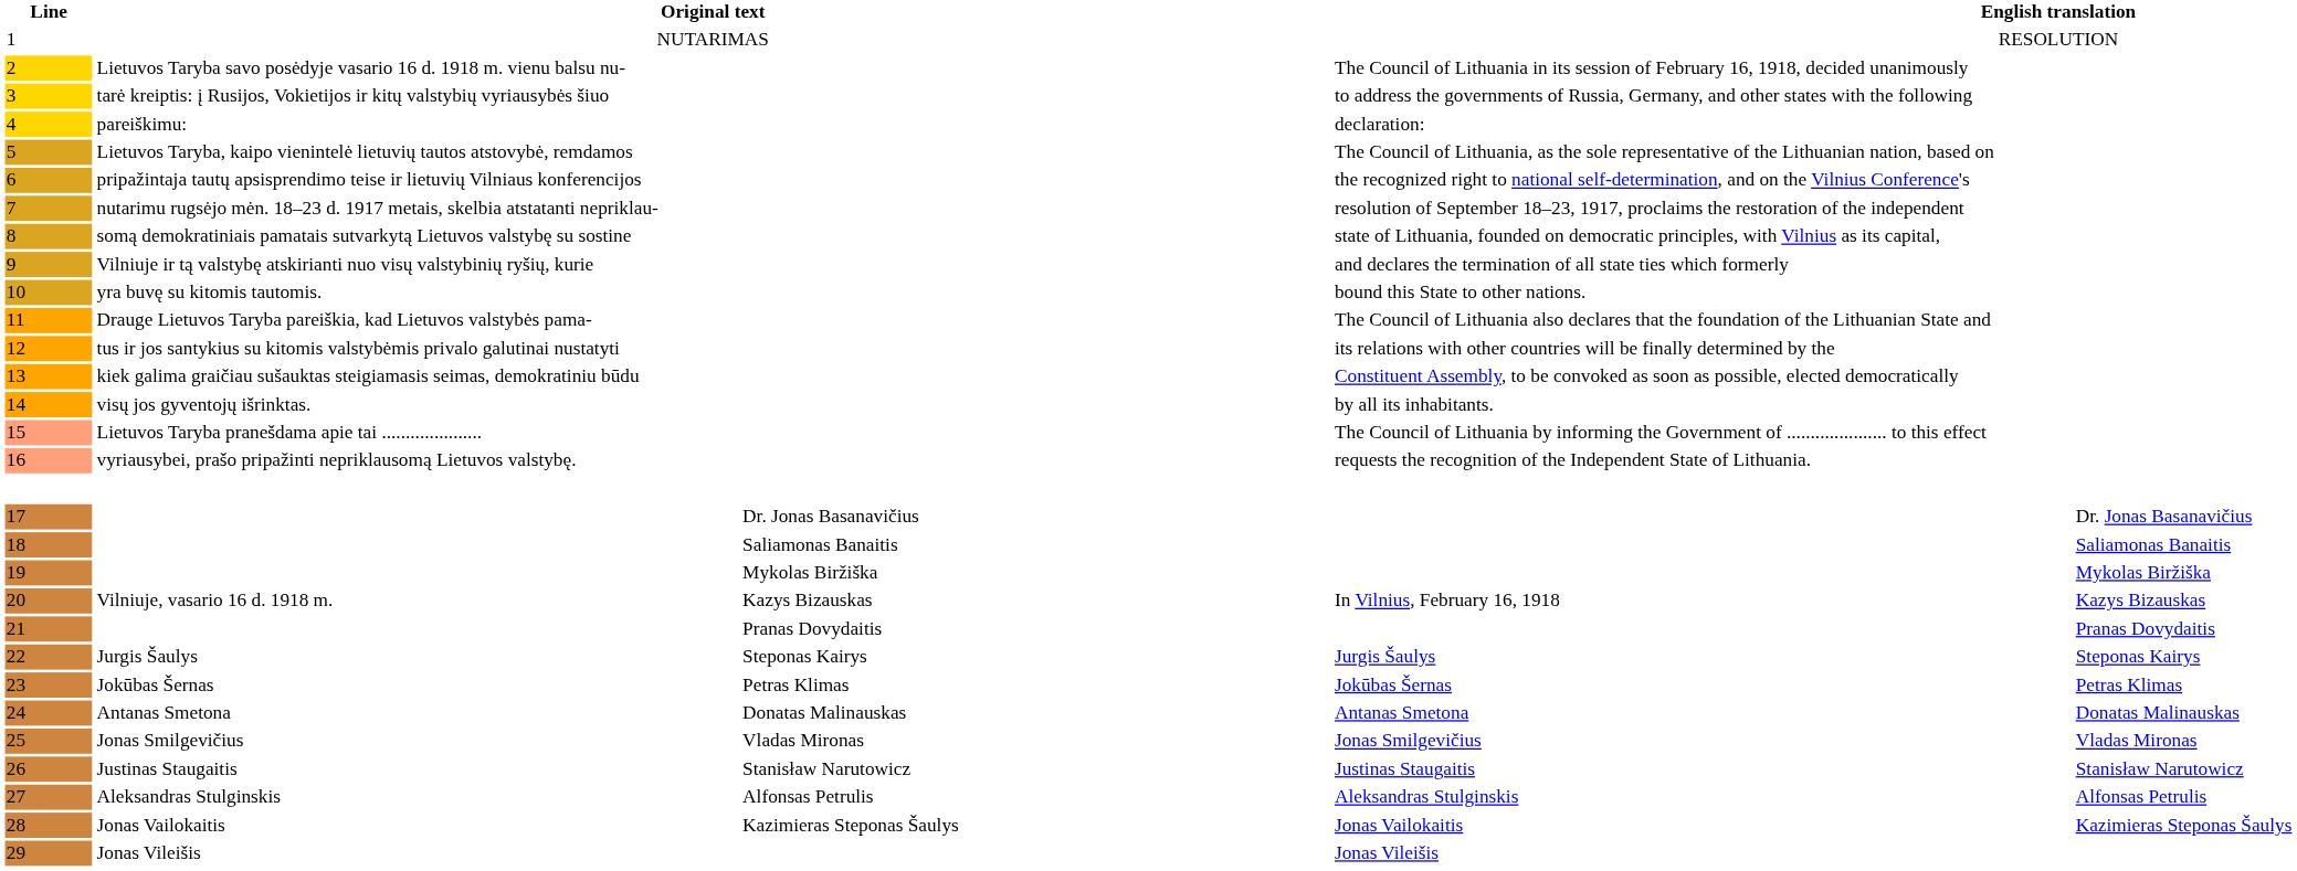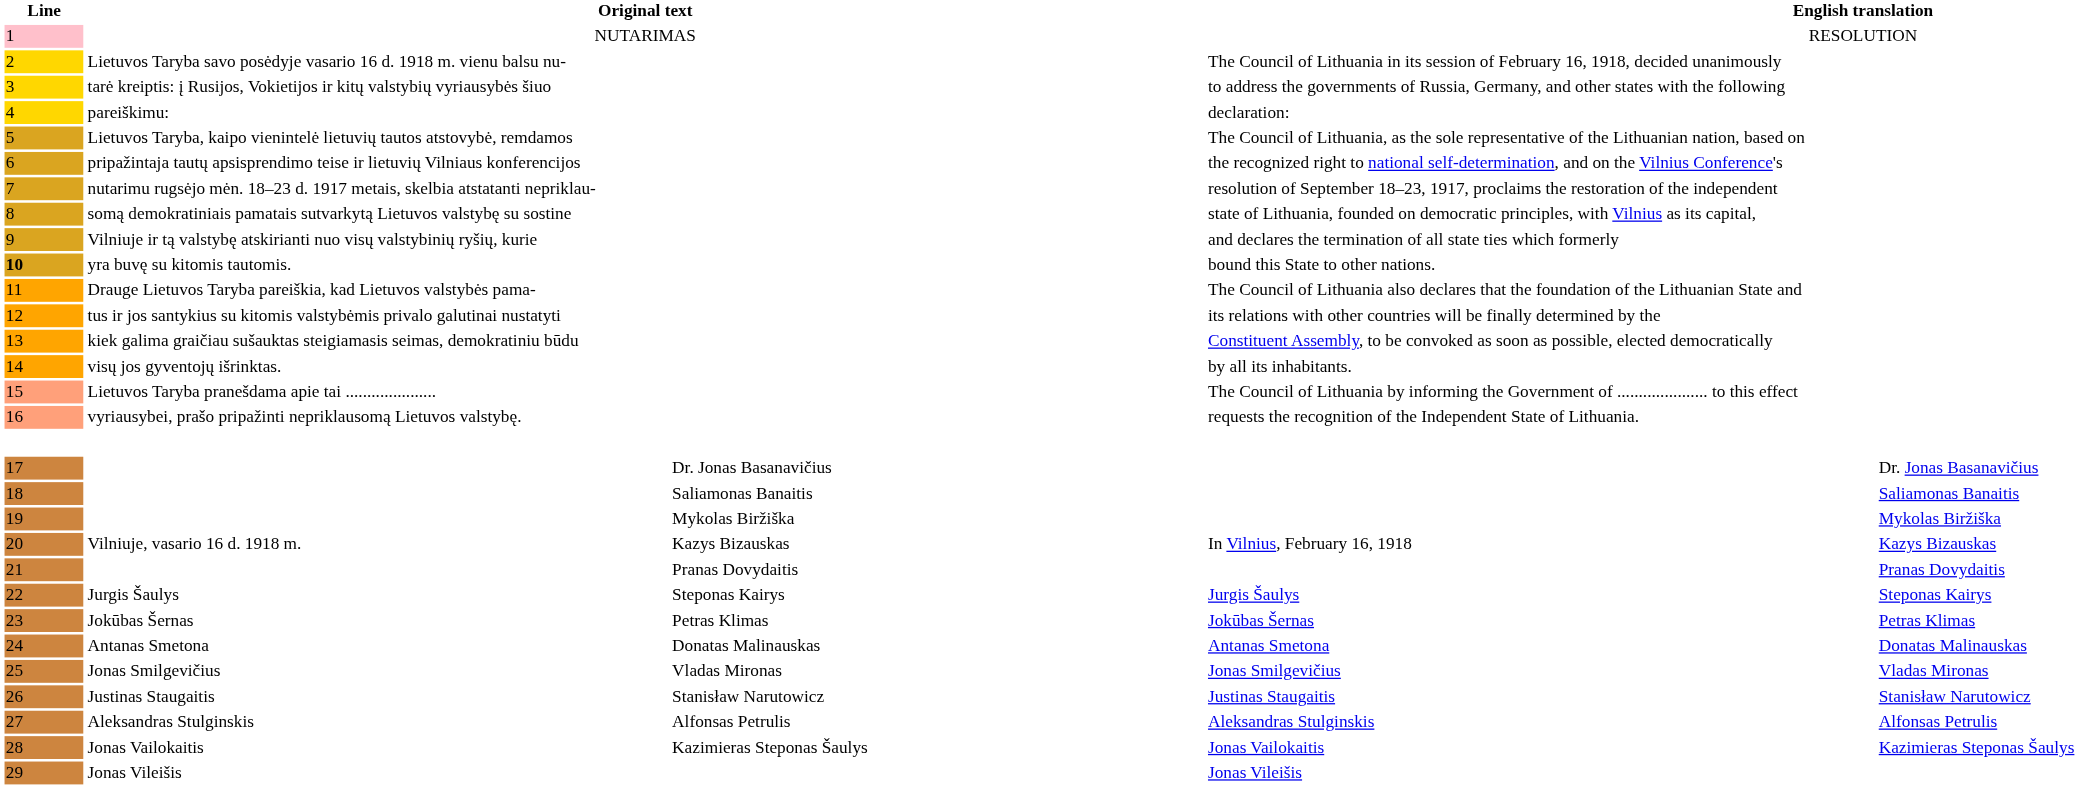 <table border=0 style="font-size:85%" width=100%>
 <tr>
 <th>Line</th>
 <th colspan=2>Original text</th>
 <th colspan=2>English translation</th>
 </tr>
 <tr>
-<td>1</td>
+<td style="background: pink;">1</td>
 <td colspan=2 style="text-align:center;">NUTARIMAS</td>
 <td colspan=2 style="text-align:center;">RESOLUTION</td>
 </tr>
 <tr>
 <td style="background:gold">2</td>
 <td colspan=2>Lietuvos Taryba savo posėdyje vasario 16 d. 1918 m. vienu balsu nu-</td>
 <td colspan=2>The Council of Lithuania in its session of February 16, 1918, decided unanimously</td>
 </tr>
 <tr>
 <td style="background:gold">3</td>
 <td colspan=2>tarė kreiptis: į Rusijos, Vokietijos ir kitų valstybių vyriausybės šiuo</td>
 <td colspan=2>to address the governments of Russia, Germany, and other states with the following</td>
 </tr>
 <tr>
 <td style="background:gold">4</td>
 <td colspan=2>pareiškimu:</td>
 <td colspan=2>declaration:</td>
 </tr>
 <tr>
 <td style="background:goldenrod">5</td>
 <td colspan=2>Lietuvos Taryba, kaipo vienintelė lietuvių tautos atstovybė, remdamos</td>
 <td colspan=2>The Council of Lithuania, as the sole representative of the Lithuanian nation, based on</td>
 </tr>
 <tr>
 <td style="background:goldenrod">6</td>
 <td colspan=2>pripažintaja tautų apsisprendimo teise ir lietuvių Vilniaus konferencijos</td>
 <td colspan=2>the recognized right to <a href='#'>national self-determination</a>, and on the <a href='#'>Vilnius Conference</a>'s</td>
 </tr>
 <tr>
 <td style="background:goldenrod">7</td>
 <td colspan=2>nutarimu rugsėjo mėn. 18–23 d. 1917 metais, skelbia atstatanti nepriklau-</td>
 <td colspan=2>resolution of September 18–23, 1917, proclaims the restoration of the independent</td>
 </tr>
 <tr>
 <td style="background:goldenrod">8</td>
 <td colspan=2>somą demokratiniais pamatais sutvarkytą Lietuvos valstybę su sostine</td>
 <td colspan=2>state of Lithuania, founded on democratic principles, with <a href='#'>Vilnius</a> as its capital,</td>
 </tr>
 <tr>
 <td style="background:goldenrod">9</td>
 <td colspan=2>Vilniuje ir tą valstybę atskirianti nuo visų valstybinių ryšių, kurie</td>
 <td colspan=2>and declares the termination of all state ties which formerly</td>
 </tr>
 <tr>
-<td style="background:goldenrod">10</td>
+<td style="background:goldenrod"><strong>10</strong></td>
 <td colspan=2>yra buvę su kitomis tautomis.</td>
 <td colspan=2>bound this State to other nations.</td>
 </tr>
 <tr>
 <td style="background:orange">11</td>
 <td colspan=2>Drauge Lietuvos Taryba pareiškia, kad Lietuvos valstybės pama-</td>
 <td colspan=2>The Council of Lithuania also declares that the foundation of the Lithuanian State and</td>
 </tr>
 <tr>
 <td style="background:orange">12</td>
 <td colspan=2>tus ir jos santykius su kitomis valstybėmis privalo galutinai nustatyti</td>
 <td colspan=2>its relations with other countries will be finally determined by the</td>
 </tr>
 <tr>
 <td style="background:orange">13</td>
 <td colspan=2>kiek galima graičiau sušauktas steigiamasis seimas, demokratiniu būdu</td>
 <td colspan=2><a href='#'>Constituent Assembly</a>, to be convoked as soon as possible, elected democratically</td>
 </tr>
 <tr>
 <td style="background:orange">14</td>
 <td colspan=2>visų jos gyventojų išrinktas.</td>
 <td colspan=2>by all its inhabitants.</td>
 </tr>
 <tr>
 <td style="background:lightsalmon">15</td>
 <td colspan=2>Lietuvos Taryba pranešdama apie tai .....................</td>
 <td colspan=2>The Council of Lithuania by informing the Government of ..................... to this effect</td>
 </tr>
 <tr>
 <td style="background:lightsalmon">16</td>
 <td colspan=2>vyriausybei, prašo pripažinti nepriklausomą Lietuvos valstybę.</td>
 <td colspan=2>requests the recognition of the Independent State of Lithuania.</td>
 </tr>
 <tr>
 <td> </td>
 </tr>
 <tr>
 <td style="background:Peru">17</td>
 <td></td>
 <td>Dr. Jonas Basanavičius</td>
 <td></td>
 <td>Dr. <a href='#'>Jonas Basanavičius</a></td>
 </tr>
 <tr>
 <td style="background:Peru">18</td>
 <td></td>
 <td>Saliamonas Banaitis</td>
 <td></td>
 <td><a href='#'>Saliamonas Banaitis</a></td>
 </tr>
 <tr>
 <td style="background:Peru">19</td>
 <td></td>
 <td>Mykolas Biržiška</td>
 <td></td>
 <td><a href='#'>Mykolas Biržiška</a></td>
 </tr>
 <tr>
 <td style="background:Peru">20</td>
 <td>Vilniuje, vasario 16 d. 1918 m.</td>
 <td>Kazys Bizauskas</td>
 <td>In <a href='#'>Vilnius</a>, February 16, 1918</td>
 <td><a href='#'>Kazys Bizauskas</a></td>
 </tr>
 <tr>
 <td style="background:Peru">21</td>
 <td></td>
 <td>Pranas Dovydaitis</td>
 <td></td>
 <td><a href='#'>Pranas Dovydaitis</a></td>
 </tr>
 <tr>
 <td style="background:Peru">22</td>
 <td>Jurgis Šaulys</td>
 <td>Steponas Kairys</td>
 <td><a href='#'>Jurgis Šaulys</a></td>
 <td><a href='#'>Steponas Kairys</a></td>
 </tr>
 <tr>
 <td style="background:Peru">23</td>
 <td>Jokūbas Šernas</td>
 <td>Petras Klimas</td>
 <td><a href='#'>Jokūbas Šernas</a></td>
 <td><a href='#'>Petras Klimas</a></td>
 </tr>
 <tr>
 <td style="background:Peru">24</td>
 <td>Antanas Smetona</td>
 <td>Donatas Malinauskas</td>
 <td><a href='#'>Antanas Smetona</a></td>
 <td><a href='#'>Donatas Malinauskas</a></td>
 </tr>
 <tr>
 <td style="background:Peru">25</td>
 <td>Jonas Smilgevičius</td>
 <td>Vladas Mironas</td>
 <td><a href='#'>Jonas Smilgevičius</a></td>
 <td><a href='#'>Vladas Mironas</a></td>
 </tr>
 <tr>
 <td style="background:Peru">26</td>
 <td>Justinas Staugaitis</td>
 <td>Stanisław Narutowicz</td>
 <td><a href='#'>Justinas Staugaitis</a></td>
 <td><a href='#'>Stanisław Narutowicz</a></td>
 </tr>
 <tr>
 <td style="background:Peru">27</td>
 <td>Aleksandras Stulginskis</td>
 <td>Alfonsas Petrulis</td>
 <td><a href='#'>Aleksandras Stulginskis</a></td>
 <td><a href='#'>Alfonsas Petrulis</a></td>
 </tr>
 <tr>
 <td style="background:Peru">28</td>
 <td>Jonas Vailokaitis</td>
 <td>Kazimieras Steponas Šaulys</td>
 <td><a href='#'>Jonas Vailokaitis</a></td>
 <td><a href='#'>Kazimieras Steponas Šaulys</a></td>
 </tr>
 <tr>
 <td style="background:Peru">29</td>
 <td>Jonas Vileišis</td>
 <td></td>
 <td><a href='#'>Jonas Vileišis</a></td>
 <td></td>
 </tr>
 </table>
